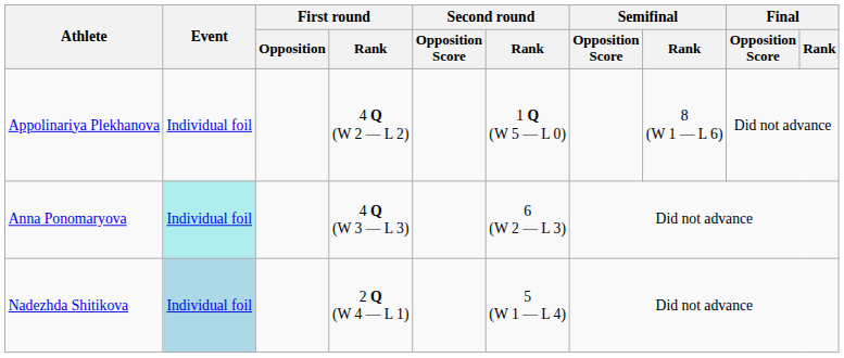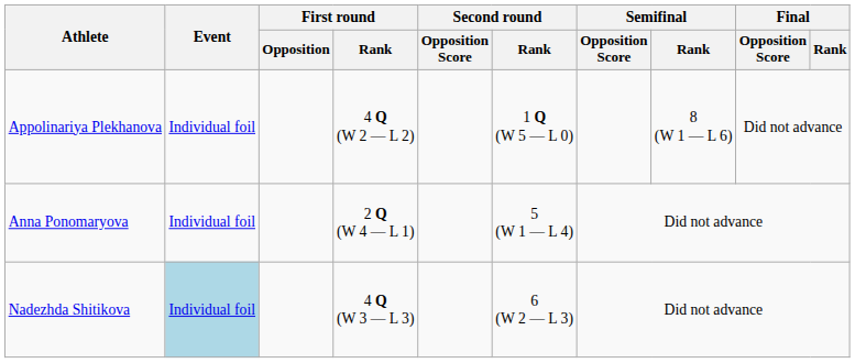 <table class="wikitable" style="font-size:90%">
 <tr>
 <th rowspan="2">Athlete</th>
 <th rowspan="2">Event</th>
 <th colspan=2>First round</th>
 <th colspan=2>Second round</th>
 <th colspan=2>Semifinal</th>
 <th colspan=2>Final</th>
 </tr>
 <tr style="font-size:95%">
 <th>Opposition</th>
 <th>Rank</th>
 <th>Opposition <br> Score</th>
 <th>Rank</th>
 <th>Opposition <br> Score</th>
 <th>Rank</th>
 <th>Opposition <br> Score</th>
 <th>Rank</th>
 </tr>
 <tr align=center>
 <td align=left><a href='#'>Appolinariya Plekhanova</a></td>
 <td align=left><a href='#'>Individual foil</a></td>
 <td align=left><br><br><br><br></td>
 <td>4 <strong>Q</strong> <br>(W 2 — L 2)</td>
 <td align=left><br><br><br><br></td>
 <td>1 <strong>Q</strong>  <br>(W 5 — L 0)</td>
 <td align=left><br><br><br><br><br><br></td>
 <td>8 <br>(W 1 — L 6)</td>
 <td colspan=2>Did not advance</td>
 </tr>
 <tr align=center>
 <td align=left><a href='#'>Anna Ponomaryova</a></td>
-<td align=left style="background: paleturquoise;"><a href='#'>Individual foil</a></td>
+<td align=left><a href='#'>Individual foil</a></td>
 <td align=left><br><br><br><br></td>
-<td>4 <strong>Q</strong> <br>(W 3 — L 3)</td>
+<td>2 <strong>Q</strong> <br>(W 4 — L 1)</td>
 <td align=left><br><br><br><br></td>
-<td>6  <br>(W 2 — L 3)</td>
+<td>5  <br>(W 1 — L 4)</td>
 <td colspan=4>Did not advance</td>
 </tr>
 <tr align=center>
 <td align=left><a href='#'>Nadezhda Shitikova</a></td>
 <td align=left style="background: lightblue;"><a href='#'>Individual foil</a></td>
 <td align=left><br><br><br><br><br></td>
-<td>2 <strong>Q</strong> <br>(W 4 — L 1)</td>
+<td>4 <strong>Q</strong> <br>(W 3 — L 3)</td>
 <td align=left><br><br><br><br></td>
-<td>5  <br>(W 1 — L 4)</td>
+<td>6  <br>(W 2 — L 3)</td>
 <td colspan=4>Did not advance</td>
 </tr>
 </table>
